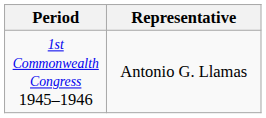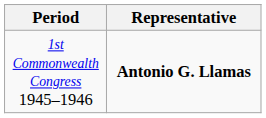 <table class="wikitable" style="text-align:center; width:40%;">
 <tr>
 <th width="40%">Period</th>
 <th>Representative</th>
 </tr>
 <tr>
 <td><small><a href='#'><em>1st Commonwealth Congress</em></a></small><br>1945–1946</td>
-<td>Antonio G. Llamas</td>
+<td><strong>Antonio G. Llamas</strong></td>
 </tr>
 </table>
